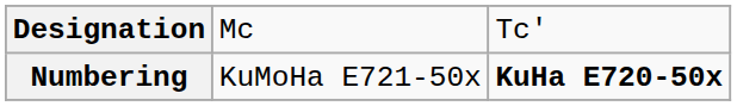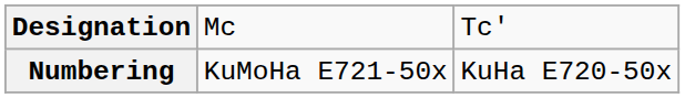 <table class="wikitable">
 <tr>
 <th>Designation</th>
 <td>Mc</td>
 <td>Tc'</td>
 </tr>
 <tr>
 <th>Numbering</th>
 <td>KuMoHa E721-50x</td>
-<td><strong>KuHa E720-50x</strong></td>
+<td>KuHa E720-50x</td>
 </tr>
 </table>
